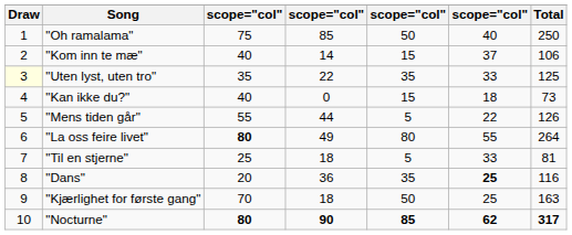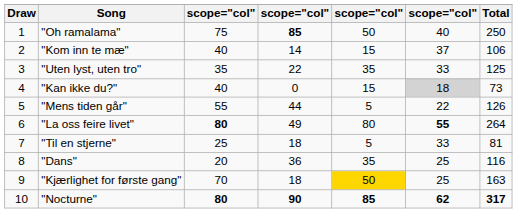 <table class="wikitable plainrowheaders" style="margin: 1em auto 1em auto; text-align:center;">
 <tr>
 </tr>
 <tr>
 <th scope="col">Draw</th>
 <th scope="col">Song</th>
 <th>scope="col" </th>
 <th>scope="col" </th>
 <th>scope="col" </th>
 <th>scope="col" </th>
 <th scope="col">Total</th>
 </tr>
 <tr>
 <td>1</td>
 <td align="left">"Oh ramalama"</td>
 <td>75</td>
-<td>85</td>
+<td><strong>85</strong></td>
 <td>50</td>
 <td>40</td>
 <td>250</td>
 </tr>
 <tr>
 <td>2</td>
 <td align="left">"Kom inn te mæ"</td>
 <td>40</td>
 <td>14</td>
 <td>15</td>
 <td>37</td>
 <td>106</td>
 </tr>
 <tr>
-<td style="background: lightyellow;">3</td>
+<td>3</td>
 <td align="left">"Uten lyst, uten tro"</td>
 <td>35</td>
 <td>22</td>
 <td>35</td>
 <td>33</td>
 <td>125</td>
 </tr>
 <tr>
 <td>4</td>
 <td align="left">"Kan ikke du?"</td>
 <td>40</td>
 <td>0</td>
 <td>15</td>
-<td>18</td>
+<td style="background: lightgrey;">18</td>
 <td>73</td>
 </tr>
 <tr>
 <td>5</td>
 <td align="left">"Mens tiden går"</td>
 <td>55</td>
 <td>44</td>
 <td>5</td>
 <td>22</td>
 <td>126</td>
 </tr>
 <tr>
 <td>6</td>
 <td align="left">"La oss feire livet"</td>
 <td><strong>80</strong></td>
 <td>49</td>
 <td>80</td>
-<td>55</td>
+<td><strong>55</strong></td>
 <td>264</td>
 </tr>
 <tr>
 <td>7</td>
 <td align="left">"Til en stjerne"</td>
 <td>25</td>
 <td>18</td>
 <td>5</td>
 <td>33</td>
 <td>81</td>
 </tr>
 <tr>
 <td>8</td>
 <td align="left">"Dans"</td>
 <td>20</td>
 <td>36</td>
 <td>35</td>
-<td><strong>25</strong></td>
+<td>25</td>
 <td>116</td>
 </tr>
 <tr>
 <td>9</td>
 <td align="left">"Kjærlighet for første gang"</td>
 <td>70</td>
 <td>18</td>
-<td>50</td>
+<td style="background: gold;">50</td>
 <td>25</td>
 <td>163</td>
 </tr>
 <tr>
 <td>10</td>
 <td align="left">"Nocturne"</td>
 <td><strong>80</strong></td>
 <td><strong>90</strong></td>
 <td><strong>85</strong></td>
 <td><strong>62</strong></td>
 <td><strong>317</strong></td>
 </tr>
 </table>
